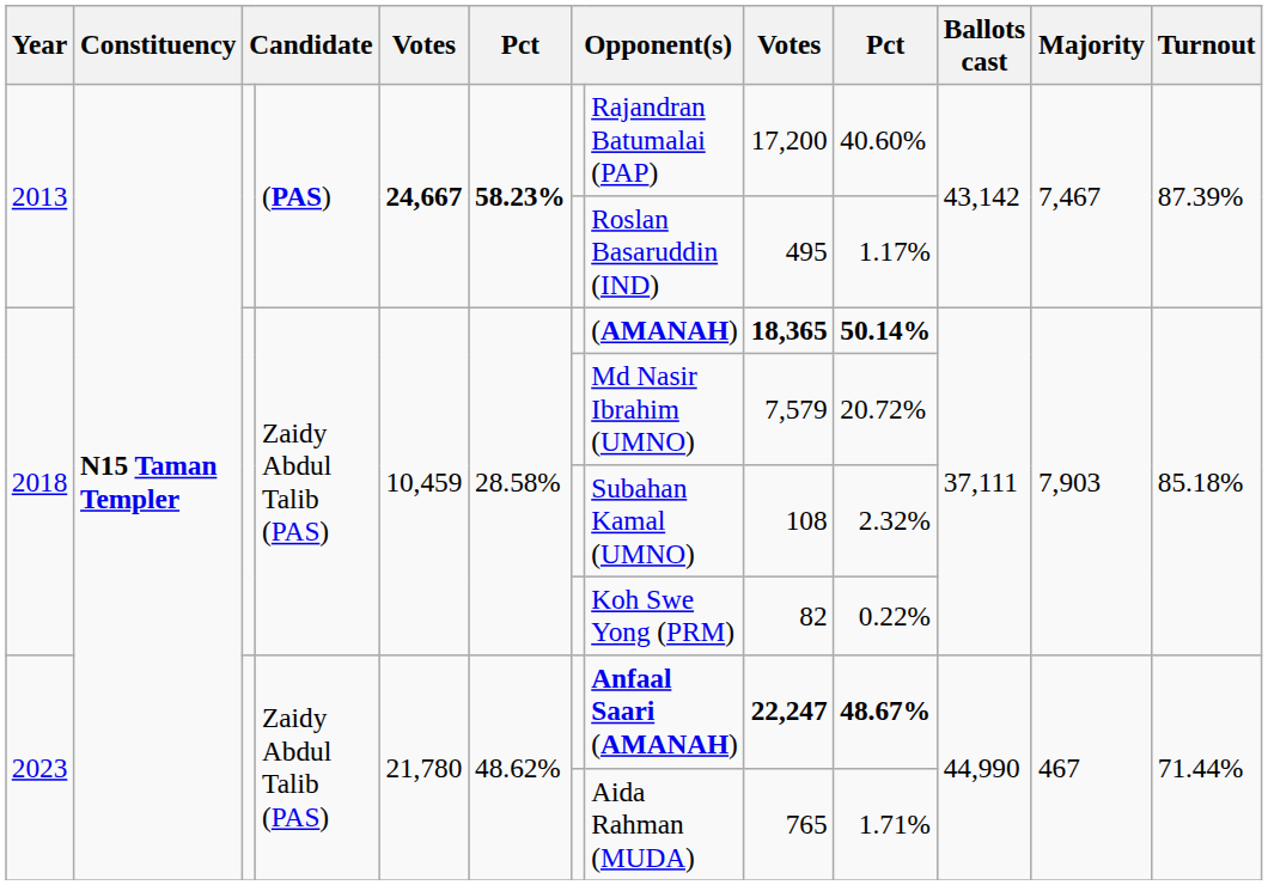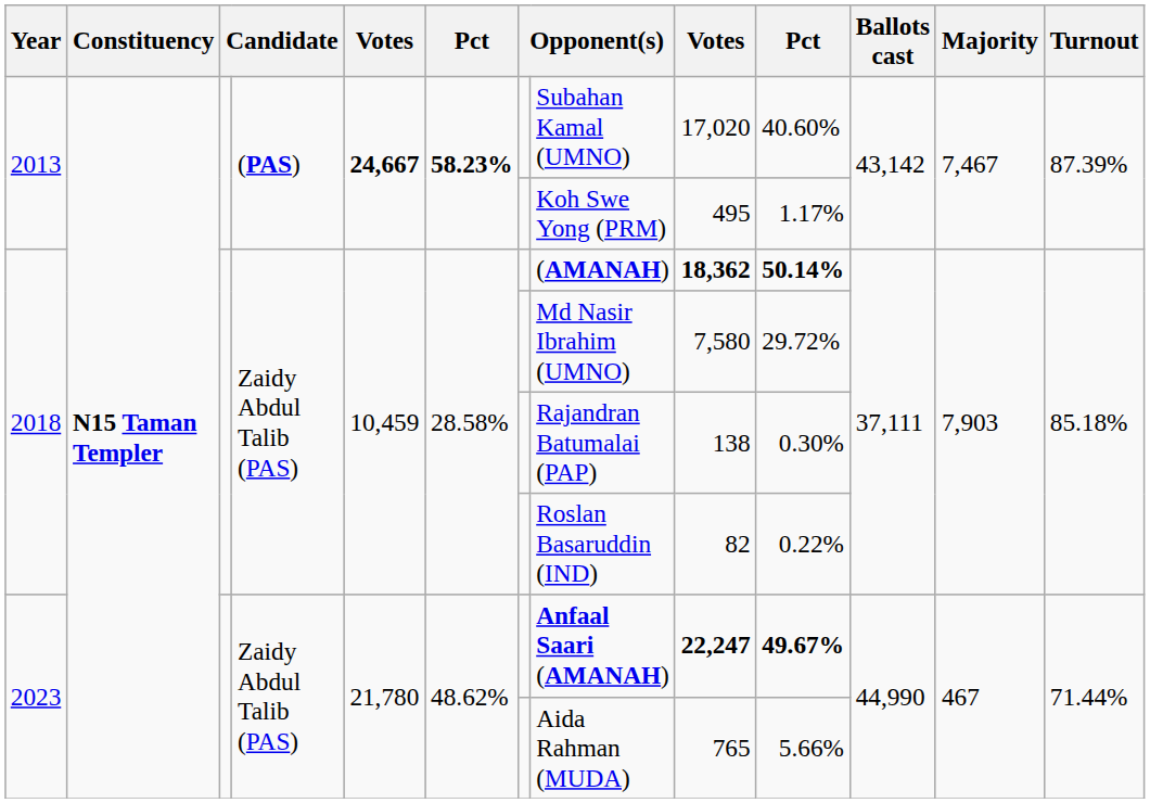 <table class="wikitable" style="margin:0.5em ; font-size:95%">
 <tr>
 <th>Year</th>
 <th>Constituency</th>
 <th colspan=2>Candidate</th>
 <th>Votes</th>
 <th>Pct</th>
 <th colspan=2>Opponent(s)</th>
 <th>Votes</th>
 <th>Pct</th>
 <th>Ballots cast</th>
 <th>Majority</th>
 <th>Turnout</th>
 </tr>
 <tr>
 <td rowspan=2><a href='#'>2013</a></td>
 <td rowspan=8><strong>N15 <a href='#'>Taman Templer</a></strong></td>
 <td rowspan=2 ></td>
 <td rowspan=2> (<a href='#'><strong>PAS</strong></a>)</td>
 <td rowspan=2 align="right"><strong>24,667</strong></td>
 <td rowspan=2><strong>58.23%</strong></td>
 <td></td>
-<td><a href='#'>Rajandran Batumalai</a> (<a href='#'>PAP</a>)</td>
-<td align="right">17,200</td>
+<td><a href='#'>Subahan Kamal</a> (<a href='#'>UMNO</a>)</td>
+<td align="right">17,020</td>
 <td>40.60%</td>
 <td rowspan=2>43,142</td>
 <td rowspan=2>7,467</td>
 <td rowspan=2>87.39%</td>
 </tr>
 <tr>
 <td></td>
-<td><a href='#'>Roslan Basaruddin</a> (<a href='#'>IND</a>)</td>
+<td><a href='#'>Koh Swe Yong</a> (<a href='#'>PRM</a>)</td>
 <td align="right">495</td>
 <td align=right>1.17%</td>
 </tr>
 <tr>
 <td rowspan=4><a href='#'>2018</a></td>
 <td rowspan=4 ></td>
 <td rowspan=4>Zaidy Abdul Talib (<a href='#'>PAS</a>)</td>
 <td rowspan=4 align="right">10,459</td>
 <td rowspan=4>28.58%</td>
 <td></td>
 <td> (<a href='#'><strong>AMANAH</strong></a>)</td>
-<td align="right"><strong>18,365</strong></td>
+<td align="right"><strong>18,362</strong></td>
 <td><strong>50.14%</strong></td>
 <td rowspan=4>37,111</td>
 <td rowspan=4>7,903</td>
 <td rowspan=4>85.18%</td>
 </tr>
 <tr>
 <td></td>
 <td><a href='#'>Md Nasir Ibrahim</a> (<a href='#'>UMNO</a>)</td>
-<td align="right">7,579</td>
-<td>20.72%</td>
+<td align="right">7,580</td>
+<td>29.72%</td>
 </tr>
 <tr>
 <td bgcolor=></td>
-<td><a href='#'>Subahan Kamal</a> (<a href='#'>UMNO</a>)</td>
-<td align="right">108</td>
-<td align=right>2.32%</td>
+<td><a href='#'>Rajandran Batumalai</a> (<a href='#'>PAP</a>)</td>
+<td align="right">138</td>
+<td align=right>0.30%</td>
 </tr>
 <tr>
 <td bgcolor=></td>
-<td><a href='#'>Koh Swe Yong</a> (<a href='#'>PRM</a>)</td>
+<td><a href='#'>Roslan Basaruddin</a> (<a href='#'>IND</a>)</td>
 <td align="right">82</td>
 <td align=right>0.22%</td>
 </tr>
 <tr>
 <td rowspan="2"><a href='#'>2023</a></td>
 <td rowspan="2" bgcolor=></td>
 <td rowspan="2">Zaidy Abdul Talib (<a href='#'>PAS</a>)</td>
 <td rowspan="2" align=right>21,780</td>
 <td rowspan="2">48.62%</td>
 <td></td>
 <td><strong><a href='#'>Anfaal Saari</a></strong> (<a href='#'><strong>AMANAH</strong></a>)</td>
 <td align=right><strong>22,247</strong></td>
-<td><strong>48.67%</strong></td>
+<td><strong>49.67%</strong></td>
 <td rowspan="2">44,990</td>
 <td rowspan="2">467</td>
 <td rowspan="2">71.44%</td>
 </tr>
 <tr>
 <td bgcolor=></td>
 <td>Aida Rahman (<a href='#'>MUDA</a>)</td>
 <td align=right>765</td>
-<td align=right>1.71%</td>
+<td align=right>5.66%</td>
 </tr>
 </table>
